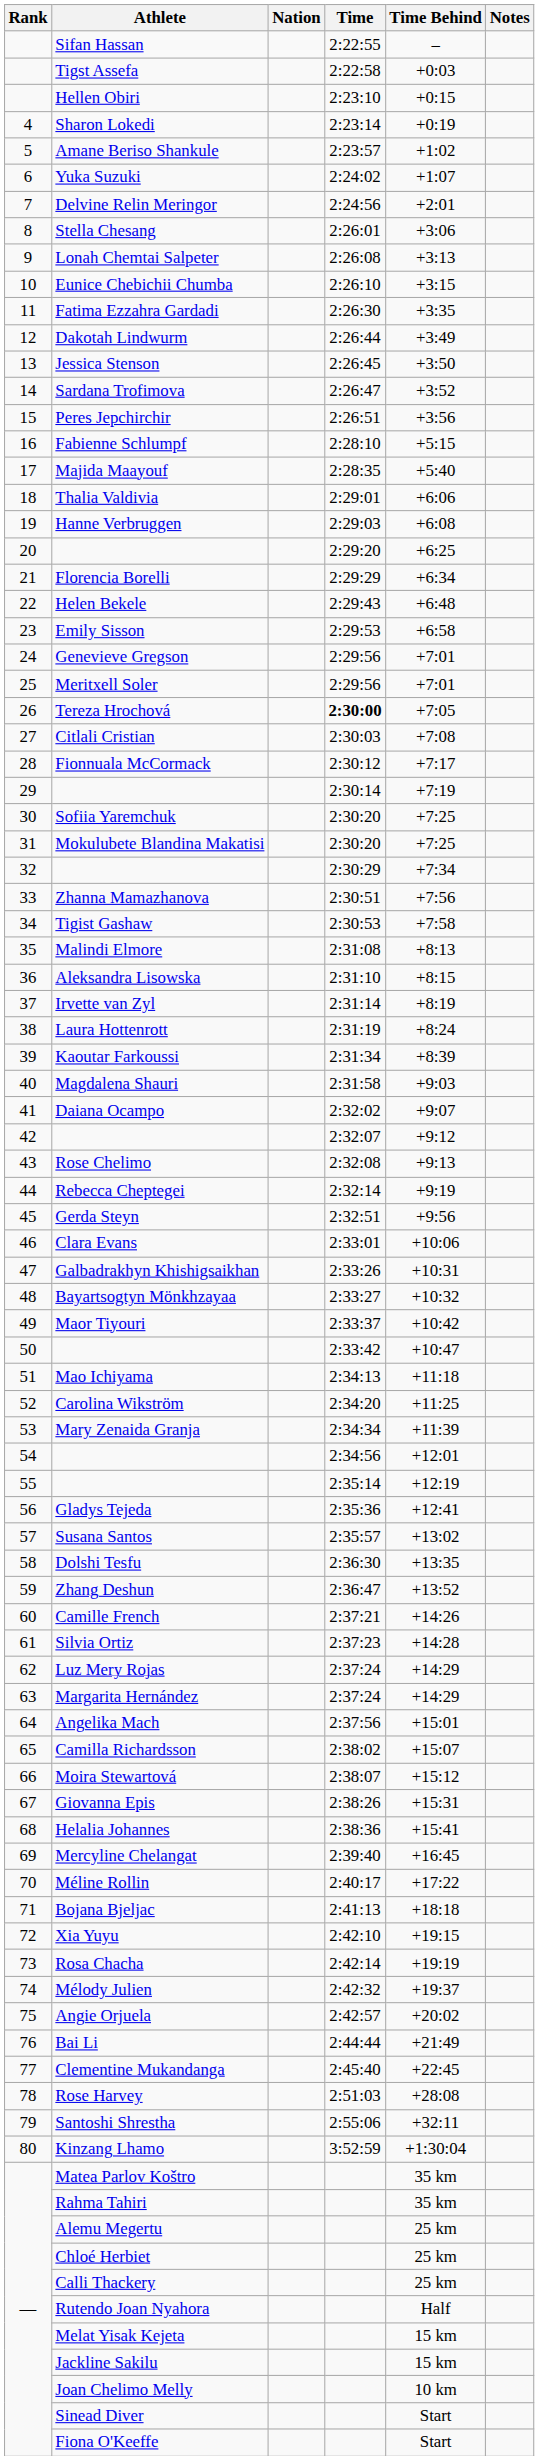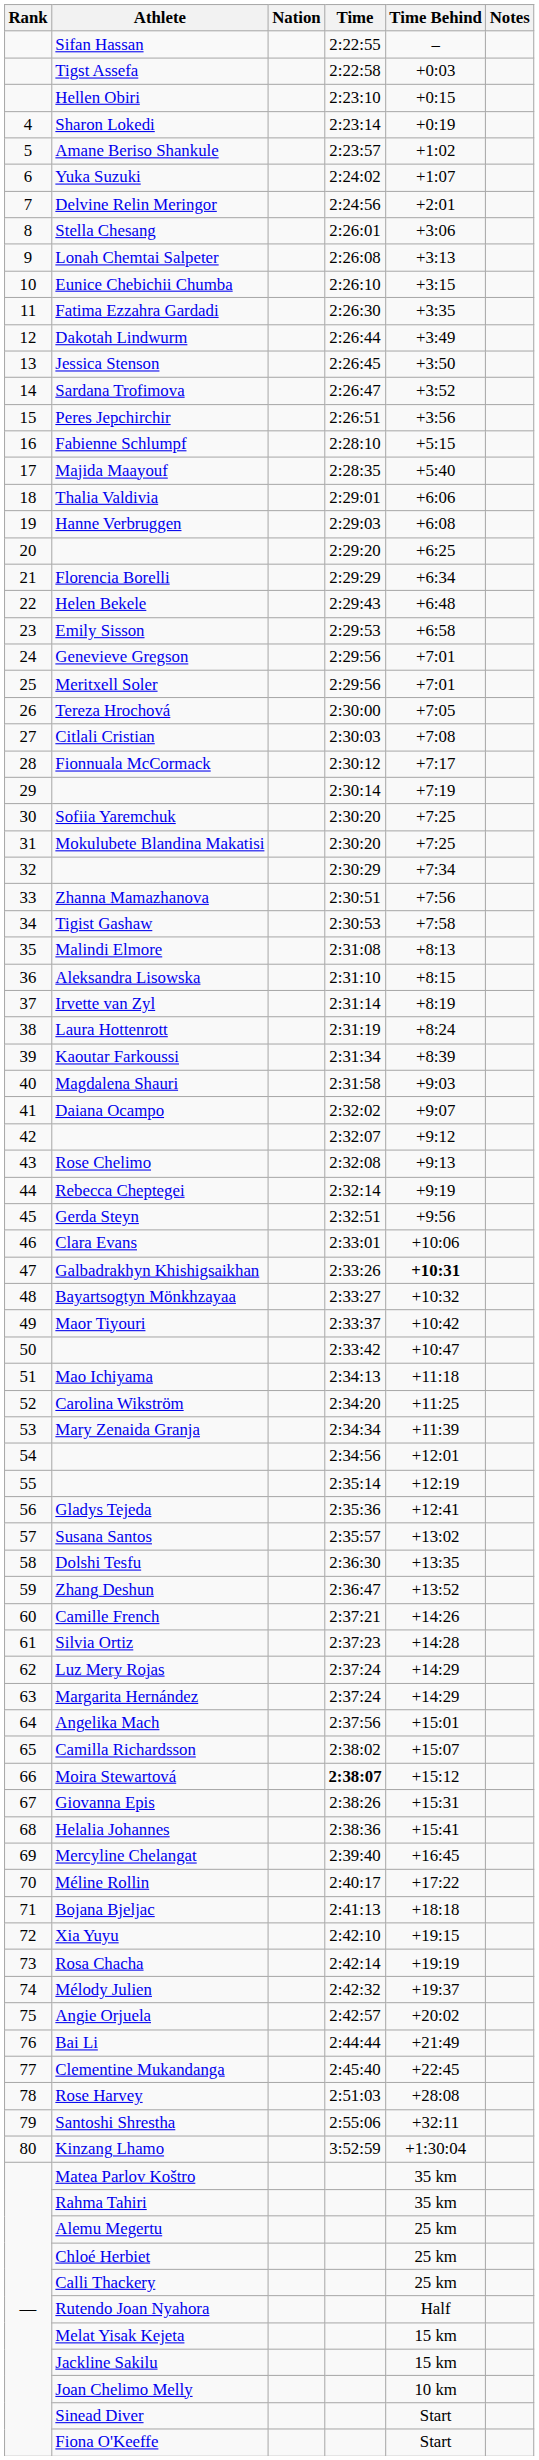 <table class="wikitable sortable" style="text-align:center">
 <tr>
 <th>Rank</th>
 <th>Athlete</th>
 <th>Nation</th>
 <th>Time</th>
 <th>Time Behind</th>
 <th>Notes</th>
 </tr>
 <tr>
 <td></td>
 <td align=left><a href='#'>Sifan Hassan</a></td>
 <td align=left></td>
 <td>2:22:55</td>
 <td>–</td>
 <td></td>
 </tr>
 <tr>
 <td></td>
 <td align=left><a href='#'>Tigst Assefa</a></td>
 <td align=left></td>
 <td>2:22:58</td>
 <td>+0:03</td>
 <td></td>
 </tr>
 <tr>
 <td></td>
 <td align=left><a href='#'>Hellen Obiri</a></td>
 <td align=left></td>
 <td>2:23:10</td>
 <td>+0:15</td>
 <td></td>
 </tr>
 <tr>
 <td>4</td>
 <td align=left><a href='#'>Sharon Lokedi</a></td>
 <td align=left></td>
 <td>2:23:14</td>
 <td>+0:19</td>
 <td></td>
 </tr>
 <tr>
 <td>5</td>
 <td align=left><a href='#'>Amane Beriso Shankule</a></td>
 <td align=left></td>
 <td>2:23:57</td>
 <td>+1:02</td>
 <td></td>
 </tr>
 <tr>
 <td>6</td>
 <td align=left><a href='#'>Yuka Suzuki</a></td>
 <td align=left></td>
 <td>2:24:02</td>
 <td>+1:07</td>
 <td></td>
 </tr>
 <tr>
 <td>7</td>
 <td align=left><a href='#'>Delvine Relin Meringor</a></td>
 <td align=left></td>
 <td>2:24:56</td>
 <td>+2:01</td>
 <td></td>
 </tr>
 <tr>
 <td>8</td>
 <td align=left><a href='#'>Stella Chesang</a></td>
 <td align=left></td>
 <td>2:26:01</td>
 <td>+3:06</td>
 <td></td>
 </tr>
 <tr>
 <td>9</td>
 <td align=left><a href='#'>Lonah Chemtai Salpeter</a></td>
 <td align=left></td>
 <td>2:26:08</td>
 <td>+3:13</td>
 <td></td>
 </tr>
 <tr>
 <td>10</td>
 <td align=left><a href='#'>Eunice Chebichii Chumba</a></td>
 <td align=left></td>
 <td>2:26:10</td>
 <td>+3:15</td>
 <td></td>
 </tr>
 <tr>
 <td>11</td>
 <td align=left><a href='#'>Fatima Ezzahra Gardadi</a></td>
 <td align=left></td>
 <td>2:26:30</td>
 <td>+3:35</td>
 <td></td>
 </tr>
 <tr>
 <td>12</td>
 <td align=left><a href='#'>Dakotah Lindwurm</a></td>
 <td align=left></td>
 <td>2:26:44</td>
 <td>+3:49</td>
 <td></td>
 </tr>
 <tr>
 <td>13</td>
 <td align=left><a href='#'>Jessica Stenson</a></td>
 <td align=left></td>
 <td>2:26:45</td>
 <td>+3:50</td>
 <td></td>
 </tr>
 <tr>
 <td>14</td>
 <td align=left><a href='#'>Sardana Trofimova</a></td>
 <td align=left></td>
 <td>2:26:47</td>
 <td>+3:52</td>
 <td></td>
 </tr>
 <tr>
 <td>15</td>
 <td align=left><a href='#'>Peres Jepchirchir</a></td>
 <td align=left></td>
 <td>2:26:51</td>
 <td>+3:56</td>
 <td></td>
 </tr>
 <tr>
 <td>16</td>
 <td align=left><a href='#'>Fabienne Schlumpf</a></td>
 <td align=left></td>
 <td>2:28:10</td>
 <td>+5:15</td>
 <td></td>
 </tr>
 <tr>
 <td>17</td>
 <td align=left><a href='#'>Majida Maayouf</a></td>
 <td align=left></td>
 <td>2:28:35</td>
 <td>+5:40</td>
 <td></td>
 </tr>
 <tr>
 <td>18</td>
 <td align=left><a href='#'>Thalia Valdivia</a></td>
 <td align=left></td>
 <td>2:29:01</td>
 <td>+6:06</td>
 <td></td>
 </tr>
 <tr>
 <td>19</td>
 <td align=left><a href='#'>Hanne Verbruggen</a></td>
 <td align=left></td>
 <td>2:29:03</td>
 <td>+6:08</td>
 <td></td>
 </tr>
 <tr>
 <td>20</td>
 <td align=left></td>
 <td align=left></td>
 <td>2:29:20</td>
 <td>+6:25</td>
 <td></td>
 </tr>
 <tr>
 <td>21</td>
 <td align=left><a href='#'>Florencia Borelli</a></td>
 <td align=left></td>
 <td>2:29:29</td>
 <td>+6:34</td>
 <td></td>
 </tr>
 <tr>
 <td>22</td>
 <td align=left><a href='#'>Helen Bekele</a></td>
 <td align=left></td>
 <td>2:29:43</td>
 <td>+6:48</td>
 <td></td>
 </tr>
 <tr>
 <td>23</td>
 <td align=left><a href='#'>Emily Sisson</a></td>
 <td align=left></td>
 <td>2:29:53</td>
 <td>+6:58</td>
 <td></td>
 </tr>
 <tr>
 <td>24</td>
 <td align=left><a href='#'>Genevieve Gregson</a></td>
 <td align=left></td>
 <td>2:29:56</td>
 <td>+7:01</td>
 <td></td>
 </tr>
 <tr>
 <td>25</td>
 <td align=left><a href='#'>Meritxell Soler</a></td>
 <td align=left></td>
 <td>2:29:56</td>
 <td>+7:01</td>
 <td></td>
 </tr>
 <tr>
 <td>26</td>
 <td align=left><a href='#'>Tereza Hrochová</a></td>
 <td align=left></td>
-<td><strong>2:30:00</strong></td>
+<td>2:30:00</td>
 <td>+7:05</td>
 <td></td>
 </tr>
 <tr>
 <td>27</td>
 <td align=left><a href='#'>Citlali Cristian</a></td>
 <td align=left></td>
 <td>2:30:03</td>
 <td>+7:08</td>
 <td></td>
 </tr>
 <tr>
 <td>28</td>
 <td align=left><a href='#'>Fionnuala McCormack</a></td>
 <td align=left></td>
 <td>2:30:12</td>
 <td>+7:17</td>
 <td></td>
 </tr>
 <tr>
 <td>29</td>
 <td align=left></td>
 <td align=left></td>
 <td>2:30:14</td>
 <td>+7:19</td>
 <td></td>
 </tr>
 <tr>
 <td>30</td>
 <td align=left><a href='#'>Sofiia Yaremchuk</a></td>
 <td align=left></td>
 <td>2:30:20</td>
 <td>+7:25</td>
 <td></td>
 </tr>
 <tr>
 <td>31</td>
 <td align=left><a href='#'>Mokulubete Blandina Makatisi</a></td>
 <td align=left></td>
 <td>2:30:20</td>
 <td>+7:25</td>
 <td></td>
 </tr>
 <tr>
 <td>32</td>
 <td align=left></td>
 <td align=left></td>
 <td>2:30:29</td>
 <td>+7:34</td>
 <td></td>
 </tr>
 <tr>
 <td>33</td>
 <td align=left><a href='#'>Zhanna Mamazhanova</a></td>
 <td align=left></td>
 <td>2:30:51</td>
 <td>+7:56</td>
 <td></td>
 </tr>
 <tr>
 <td>34</td>
 <td align=left><a href='#'>Tigist Gashaw</a></td>
 <td align=left></td>
 <td>2:30:53</td>
 <td>+7:58</td>
 <td></td>
 </tr>
 <tr>
 <td>35</td>
 <td align=left><a href='#'>Malindi Elmore</a></td>
 <td align=left></td>
 <td>2:31:08</td>
 <td>+8:13</td>
 <td></td>
 </tr>
 <tr>
 <td>36</td>
 <td align=left><a href='#'>Aleksandra Lisowska</a></td>
 <td align=left></td>
 <td>2:31:10</td>
 <td>+8:15</td>
 <td></td>
 </tr>
 <tr>
 <td>37</td>
 <td align=left><a href='#'>Irvette van Zyl</a></td>
 <td align=left></td>
 <td>2:31:14</td>
 <td>+8:19</td>
 <td></td>
 </tr>
 <tr>
 <td>38</td>
 <td align=left><a href='#'>Laura Hottenrott</a></td>
 <td align=left></td>
 <td>2:31:19</td>
 <td>+8:24</td>
 <td></td>
 </tr>
 <tr>
 <td>39</td>
 <td align=left><a href='#'>Kaoutar Farkoussi</a></td>
 <td align=left></td>
 <td>2:31:34</td>
 <td>+8:39</td>
 <td></td>
 </tr>
 <tr>
 <td>40</td>
 <td align=left><a href='#'>Magdalena Shauri</a></td>
 <td align=left></td>
 <td>2:31:58</td>
 <td>+9:03</td>
 <td></td>
 </tr>
 <tr>
 <td>41</td>
 <td align=left><a href='#'>Daiana Ocampo</a></td>
 <td align=left></td>
 <td>2:32:02</td>
 <td>+9:07</td>
 <td></td>
 </tr>
 <tr>
 <td>42</td>
 <td align=left></td>
 <td align=left></td>
 <td>2:32:07</td>
 <td>+9:12</td>
 <td></td>
 </tr>
 <tr>
 <td>43</td>
 <td align=left><a href='#'>Rose Chelimo</a></td>
 <td align=left></td>
 <td>2:32:08</td>
 <td>+9:13</td>
 <td></td>
 </tr>
 <tr>
 <td>44</td>
 <td align=left><a href='#'>Rebecca Cheptegei</a></td>
 <td align=left></td>
 <td>2:32:14</td>
 <td>+9:19</td>
 <td></td>
 </tr>
 <tr>
 <td>45</td>
 <td align=left><a href='#'>Gerda Steyn</a></td>
 <td align=left></td>
 <td>2:32:51</td>
 <td>+9:56</td>
 <td></td>
 </tr>
 <tr>
 <td>46</td>
 <td align=left><a href='#'>Clara Evans</a></td>
 <td align=left></td>
 <td>2:33:01</td>
 <td>+10:06</td>
 <td></td>
 </tr>
 <tr>
 <td>47</td>
 <td align=left><a href='#'>Galbadrakhyn Khishigsaikhan</a></td>
 <td align=left></td>
 <td>2:33:26</td>
-<td>+10:31</td>
+<td><strong>+10:31</strong></td>
 <td></td>
 </tr>
 <tr>
 <td>48</td>
 <td align=left><a href='#'>Bayartsogtyn Mönkhzayaa</a></td>
 <td align=left></td>
 <td>2:33:27</td>
 <td>+10:32</td>
 <td></td>
 </tr>
 <tr>
 <td>49</td>
 <td align=left><a href='#'>Maor Tiyouri</a></td>
 <td align=left></td>
 <td>2:33:37</td>
 <td>+10:42</td>
 <td></td>
 </tr>
 <tr>
 <td>50</td>
 <td align=left></td>
 <td align=left></td>
 <td>2:33:42</td>
 <td>+10:47</td>
 <td></td>
 </tr>
 <tr>
 <td>51</td>
 <td align=left><a href='#'>Mao Ichiyama</a></td>
 <td align=left></td>
 <td>2:34:13</td>
 <td>+11:18</td>
 <td></td>
 </tr>
 <tr>
 <td>52</td>
 <td align=left><a href='#'>Carolina Wikström</a></td>
 <td align=left></td>
 <td>2:34:20</td>
 <td>+11:25</td>
 <td></td>
 </tr>
 <tr>
 <td>53</td>
 <td align=left><a href='#'>Mary Zenaida Granja</a></td>
 <td align=left></td>
 <td>2:34:34</td>
 <td>+11:39</td>
 <td></td>
 </tr>
 <tr>
 <td>54</td>
 <td align=left></td>
 <td align=left></td>
 <td>2:34:56</td>
 <td>+12:01</td>
 <td></td>
 </tr>
 <tr>
 <td>55</td>
 <td align=left></td>
 <td align=left></td>
 <td>2:35:14</td>
 <td>+12:19</td>
 <td></td>
 </tr>
 <tr>
 <td>56</td>
 <td align=left><a href='#'>Gladys Tejeda</a></td>
 <td align=left></td>
 <td>2:35:36</td>
 <td>+12:41</td>
 <td></td>
 </tr>
 <tr>
 <td>57</td>
 <td align=left><a href='#'>Susana Santos</a></td>
 <td align=left></td>
 <td>2:35:57</td>
 <td>+13:02</td>
 <td></td>
 </tr>
 <tr>
 <td>58</td>
 <td align=left><a href='#'>Dolshi Tesfu</a></td>
 <td align=left></td>
 <td>2:36:30</td>
 <td>+13:35</td>
 <td></td>
 </tr>
 <tr>
 <td>59</td>
 <td align=left><a href='#'>Zhang Deshun</a></td>
 <td align=left></td>
 <td>2:36:47</td>
 <td>+13:52</td>
 <td></td>
 </tr>
 <tr>
 <td>60</td>
 <td align=left><a href='#'>Camille French</a></td>
 <td align=left></td>
 <td>2:37:21</td>
 <td>+14:26</td>
 <td></td>
 </tr>
 <tr>
 <td>61</td>
 <td align=left><a href='#'>Silvia Ortiz</a></td>
 <td align=left></td>
 <td>2:37:23</td>
 <td>+14:28</td>
 <td></td>
 </tr>
 <tr>
 <td>62</td>
 <td align=left><a href='#'>Luz Mery Rojas</a></td>
 <td align=left></td>
 <td>2:37:24</td>
 <td>+14:29</td>
 <td></td>
 </tr>
 <tr>
 <td>63</td>
 <td align=left><a href='#'>Margarita Hernández</a></td>
 <td align=left></td>
 <td>2:37:24</td>
 <td>+14:29</td>
 <td></td>
 </tr>
 <tr>
 <td>64</td>
 <td align=left><a href='#'>Angelika Mach</a></td>
 <td align=left></td>
 <td>2:37:56</td>
 <td>+15:01</td>
 <td></td>
 </tr>
 <tr>
 <td>65</td>
 <td align=left><a href='#'>Camilla Richardsson</a></td>
 <td align=left></td>
 <td>2:38:02</td>
 <td>+15:07</td>
 <td></td>
 </tr>
 <tr>
 <td>66</td>
 <td align=left><a href='#'>Moira Stewartová</a></td>
 <td align=left></td>
-<td>2:38:07</td>
+<td><strong>2:38:07</strong></td>
 <td>+15:12</td>
 <td></td>
 </tr>
 <tr>
 <td>67</td>
 <td align=left><a href='#'>Giovanna Epis</a></td>
 <td align=left></td>
 <td>2:38:26</td>
 <td>+15:31</td>
 <td></td>
 </tr>
 <tr>
 <td>68</td>
 <td align=left><a href='#'>Helalia Johannes</a></td>
 <td align=left></td>
 <td>2:38:36</td>
 <td>+15:41</td>
 <td></td>
 </tr>
 <tr>
 <td>69</td>
 <td align=left><a href='#'>Mercyline Chelangat</a></td>
 <td align=left></td>
 <td>2:39:40</td>
 <td>+16:45</td>
 <td></td>
 </tr>
 <tr>
 <td>70</td>
 <td align=left><a href='#'>Méline Rollin</a></td>
 <td align=left></td>
 <td>2:40:17</td>
 <td>+17:22</td>
 <td></td>
 </tr>
 <tr>
 <td>71</td>
 <td align=left><a href='#'>Bojana Bjeljac</a></td>
 <td align=left></td>
 <td>2:41:13</td>
 <td>+18:18</td>
 <td></td>
 </tr>
 <tr>
 <td>72</td>
 <td align=left><a href='#'>Xia Yuyu</a></td>
 <td align=left></td>
 <td>2:42:10</td>
 <td>+19:15</td>
 <td></td>
 </tr>
 <tr>
 <td>73</td>
 <td align=left><a href='#'>Rosa Chacha</a></td>
 <td align=left></td>
 <td>2:42:14</td>
 <td>+19:19</td>
 <td></td>
 </tr>
 <tr>
 <td>74</td>
 <td align=left><a href='#'>Mélody Julien</a></td>
 <td align=left></td>
 <td>2:42:32</td>
 <td>+19:37</td>
 <td></td>
 </tr>
 <tr>
 <td>75</td>
 <td align=left><a href='#'>Angie Orjuela</a></td>
 <td align=left></td>
 <td>2:42:57</td>
 <td>+20:02</td>
 <td></td>
 </tr>
 <tr>
 <td>76</td>
 <td align=left><a href='#'>Bai Li</a></td>
 <td align=left></td>
 <td>2:44:44</td>
 <td>+21:49</td>
 <td></td>
 </tr>
 <tr>
 <td>77</td>
 <td align=left><a href='#'>Clementine Mukandanga</a></td>
 <td align=left></td>
 <td>2:45:40</td>
 <td>+22:45</td>
 <td></td>
 </tr>
 <tr>
 <td>78</td>
 <td align=left><a href='#'>Rose Harvey</a></td>
 <td align=left></td>
 <td>2:51:03</td>
 <td>+28:08</td>
 <td></td>
 </tr>
 <tr>
 <td>79</td>
 <td align=left><a href='#'>Santoshi Shrestha</a></td>
 <td align=left></td>
 <td>2:55:06</td>
 <td>+32:11</td>
 <td></td>
 </tr>
 <tr>
 <td>80</td>
 <td align=left><a href='#'>Kinzang Lhamo</a></td>
 <td align=left></td>
 <td>3:52:59</td>
 <td>+1:30:04</td>
 <td></td>
 </tr>
 <tr>
 <td rowspan = 11>—</td>
 <td align=left><a href='#'>Matea Parlov Koštro</a></td>
 <td align=left></td>
 <td></td>
 <td>35 km</td>
 <td></td>
 </tr>
 <tr>
 <td align=left><a href='#'>Rahma Tahiri</a></td>
 <td align=left></td>
 <td></td>
 <td>35 km</td>
 <td></td>
 </tr>
 <tr>
 <td align=left><a href='#'>Alemu Megertu</a></td>
 <td align=left></td>
 <td></td>
 <td>25 km</td>
 <td></td>
 </tr>
 <tr>
 <td align=left><a href='#'>Chloé Herbiet</a></td>
 <td align=left></td>
 <td></td>
 <td>25 km</td>
 <td></td>
 </tr>
 <tr>
 <td align=left><a href='#'>Calli Thackery</a></td>
 <td align=left></td>
 <td></td>
 <td>25 km</td>
 <td></td>
 </tr>
 <tr>
 <td align=left><a href='#'>Rutendo Joan Nyahora</a></td>
 <td align=left></td>
 <td></td>
 <td>Half</td>
 <td></td>
 </tr>
 <tr>
 <td align=left><a href='#'>Melat Yisak Kejeta</a></td>
 <td align=left></td>
 <td></td>
 <td>15 km</td>
 <td></td>
 </tr>
 <tr>
 <td align=left><a href='#'>Jackline Sakilu</a></td>
 <td align=left></td>
 <td></td>
 <td>15 km</td>
 <td></td>
 </tr>
 <tr>
 <td align=left><a href='#'>Joan Chelimo Melly</a></td>
 <td align=left></td>
 <td></td>
 <td>10 km</td>
 <td></td>
 </tr>
 <tr>
 <td align=left><a href='#'>Sinead Diver</a></td>
 <td align=left></td>
 <td></td>
 <td>Start</td>
 <td></td>
 </tr>
 <tr>
 <td align=left><a href='#'>Fiona O'Keeffe</a></td>
 <td align=left></td>
 <td></td>
 <td>Start</td>
 <td></td>
 </tr>
 </table>
